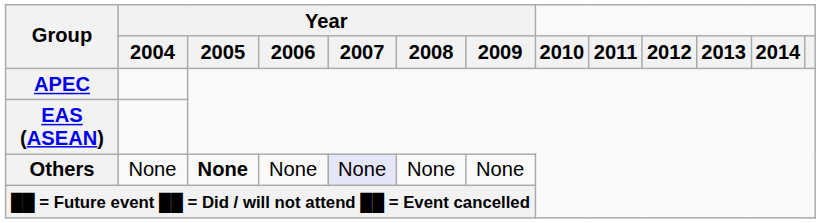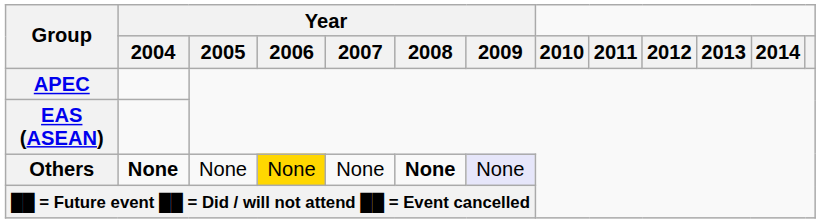 <table class="wikitable" style="margin:1em auto; font-size:85%; text-align:center;">
 <tr>
 <th rowspan="2">Group</th>
 <th colspan="6">Year</th>
 </tr>
 <tr>
 <th>2004</th>
 <th>2005</th>
 <th>2006</th>
 <th>2007</th>
 <th>2008</th>
 <th>2009</th>
 <th>2010</th>
 <th>2011</th>
 <th>2012</th>
 <th>2013</th>
 <th>2014</th>
 <th></th>
 </tr>
 <tr>
 <th><strong><a href='#'>APEC</a></strong></th>
 <td></td>
 </tr>
 <tr>
 <th><strong><a href='#'>EAS</a><br>(<a href='#'>ASEAN</a>)</strong></th>
 <td></td>
 </tr>
 <tr>
 <th><strong>Others</strong></th>
+<td><strong>None</strong></td>
+<td>None</td>
+<td style="background: gold;">None</td>
 <td>None</td>
 <td><strong>None</strong></td>
-<td>None</td>
 <td style="background: lavender;">None</td>
-<td>None</td>
-<td>None</td>
 </tr>
 <tr>
 <th colspan="7"><small><span>██</span> = Future event <span>██</span> = Did / will not attend <span>██</span> = Event cancelled</small></th>
 </tr>
 </table>
